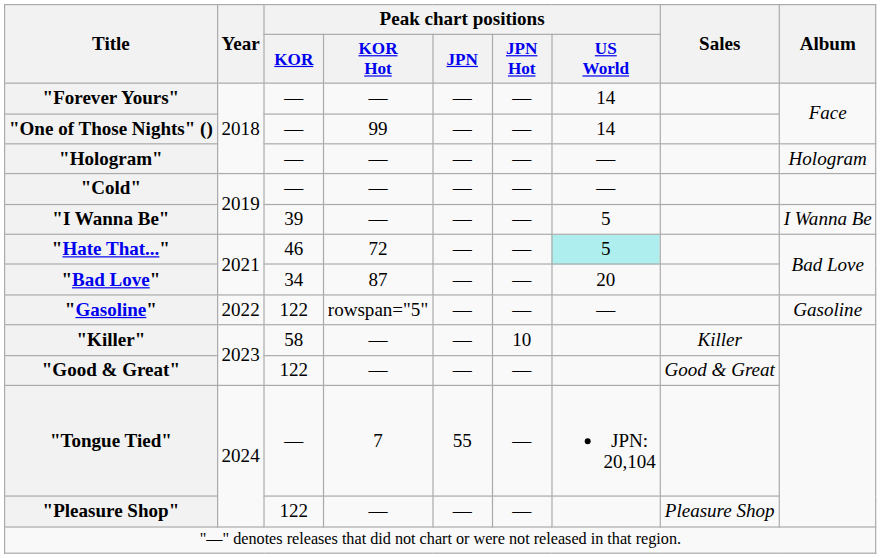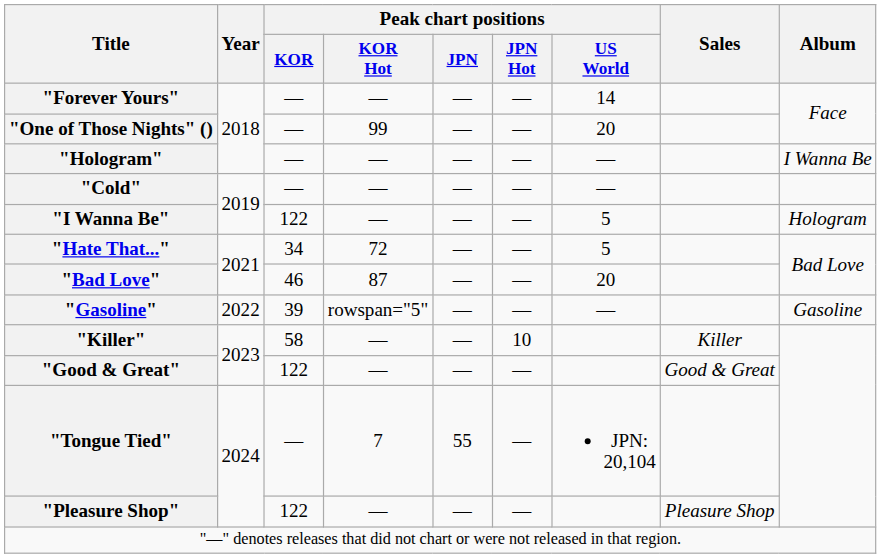 <table class="wikitable plainrowheaders" style="text-align:center;">
 <tr>
 <th scope="col" rowspan="2">Title</th>
 <th scope="col" rowspan="2">Year</th>
 <th scope="col" colspan="5">Peak chart positions</th>
 <th scope="col" rowspan="2">Sales</th>
 <th scope="col" rowspan="2">Album</th>
 </tr>
 <tr>
 <th scope="col" style="width:3em;font-size:90%;"><a href='#'>KOR</a><br></th>
 <th scope="col" style="width:3em;font-size:90%;"><a href='#'>KOR<br>Hot</a><br></th>
 <th scope="col" style="width:3em;font-size:90%;"><a href='#'>JPN</a><br></th>
 <th scope="col" style="width:3em;font-size:90%;"><a href='#'>JPN<br>Hot</a><br></th>
 <th scope="col" style="width:3em;font-size:90%;"><a href='#'>US<br>World</a><br></th>
 </tr>
 <tr>
 <th scope="row">"Forever Yours"<br></th>
 <td rowspan="3">2018</td>
 <td>—</td>
 <td>—</td>
 <td>—</td>
 <td>—</td>
 <td>14</td>
 <td></td>
 <td rowspan="2"><em>Face</em></td>
 </tr>
 <tr>
 <th scope=row>"One of Those Nights" ()<br></th>
 <td>—</td>
 <td>99</td>
 <td>—</td>
 <td>—</td>
-<td>14</td>
+<td>20</td>
 <td></td>
 </tr>
 <tr>
 <th scope=row>"Hologram"</th>
 <td>—</td>
 <td>—</td>
 <td>—</td>
 <td>—</td>
 <td>—</td>
 <td></td>
-<td><em>Hologram</em></td>
+<td><em>I Wanna Be</em></td>
 </tr>
 <tr>
 <th scope="row">"Cold"<br></th>
 <td rowspan="2">2019</td>
 <td>—</td>
 <td>—</td>
 <td>—</td>
 <td>—</td>
 <td>—</td>
 <td></td>
 <td></td>
 </tr>
 <tr>
 <th scope="row">"I Wanna Be"<br></th>
-<td>39</td>
+<td>122</td>
 <td>—</td>
 <td>—</td>
 <td>—</td>
 <td>5</td>
 <td></td>
-<td><em>I Wanna Be</em></td>
+<td><em>Hologram</em></td>
 </tr>
 <tr>
 <th scope="row">"<a href='#'>Hate That...</a>"<br></th>
 <td rowspan="2">2021</td>
-<td>46</td>
+<td>34</td>
 <td>72</td>
 <td>—</td>
 <td>—</td>
-<td style="background: paleturquoise;">5</td>
+<td>5</td>
 <td></td>
 <td rowspan="2"><em>Bad Love</em></td>
 </tr>
 <tr>
 <th scope="row">"<a href='#'>Bad Love</a>"</th>
-<td>34</td>
+<td>46</td>
 <td>87</td>
 <td>—</td>
 <td>—</td>
 <td>20</td>
 <td></td>
 </tr>
 <tr>
 <th scope="row">"<a href='#'>Gasoline</a>"</th>
 <td>2022</td>
-<td>122</td>
+<td>39</td>
 <td>rowspan="5" </td>
 <td>—</td>
 <td>—</td>
 <td>—</td>
 <td></td>
 <td><em>Gasoline</em></td>
 </tr>
 <tr>
 <th scope="row">"Killer"</th>
 <td rowspan="2">2023</td>
 <td>58</td>
 <td>—</td>
 <td>—</td>
 <td>10</td>
 <td></td>
 <td><em>Killer</em></td>
 </tr>
 <tr>
 <th scope="row">"Good & Great"</th>
 <td>122</td>
 <td>—</td>
 <td>—</td>
 <td>—</td>
 <td></td>
 <td><em>Good & Great</em></td>
 </tr>
 <tr>
 <th scope="row">"Tongue Tied"</th>
 <td rowspan="2">2024</td>
 <td>—</td>
 <td>7</td>
 <td>55</td>
 <td>—</td>
 <td><br><ul><li>JPN: 20,104</li></ul></td>
 <td></td>
 </tr>
 <tr>
 <th scope="row">"Pleasure Shop"</th>
 <td>122</td>
 <td>—</td>
 <td>—</td>
 <td>—</td>
 <td></td>
 <td><em>Pleasure Shop</em></td>
 </tr>
 <tr>
 <td colspan="9" style="font-size:85%">"—" denotes releases that did not chart or were not released in that region.</td>
 </tr>
 </table>
